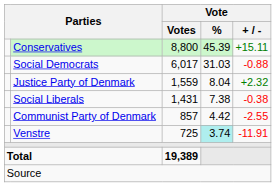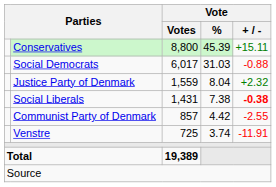 <table class="wikitable" style="text-align:right;">
 <tr>
 <th style="text-align:centre;" rowspan="2" colspan="2" width="225">Parties</th>
 <th colspan="3">Vote</th>
 </tr>
 <tr>
 <th width="15">Votes</th>
 <th width="15">%</th>
 <th width="15">+ / -</th>
 </tr>
 <tr>
 <td width="2" style="color:inherit;background:"></td>
 <td bgcolor=#ccf7cc  align="left"><a href='#'>Conservatives</a></td>
 <td bgcolor=#ccf7cc>8,800</td>
 <td bgcolor=#ccf7cc>45.39</td>
 <td style=color:green;>+15.11</td>
 </tr>
 <tr>
 <td width="2" style="color:inherit;background:"></td>
 <td align="left"><a href='#'>Social Democrats</a></td>
 <td>6,017</td>
 <td>31.03</td>
 <td style=color:red;>-0.88</td>
 </tr>
 <tr>
 <td width="2" style="color:inherit;background:"></td>
 <td align="left"><a href='#'>Justice Party of Denmark</a></td>
 <td>1,559</td>
 <td>8.04</td>
 <td style=color:green;>+2.32</td>
 </tr>
 <tr>
 <td width="2" style="color:inherit;background:"></td>
 <td align="left"><a href='#'>Social Liberals</a></td>
 <td>1,431</td>
 <td>7.38</td>
-<td style=color:red;>-0.38</td>
+<td style=color:red;><strong>-0.38</strong></td>
 </tr>
 <tr>
 <td width="2" style="color:inherit;background:"></td>
 <td align="left"><a href='#'>Communist Party of Denmark</a></td>
 <td>857</td>
 <td>4.42</td>
 <td style=color:red;>-2.55</td>
 </tr>
 <tr>
 <td width="2" style="color:inherit;background:"></td>
 <td align="left"><a href='#'>Venstre</a></td>
 <td>725</td>
-<td style="background: paleturquoise;">3.74</td>
+<td>3.74</td>
 <td style=color:red;>-11.91</td>
 </tr>
 <tr>
 <td colspan="7" bgcolor="#E9E9E9"></td>
 </tr>
 <tr>
 <td align="left" colspan="2"><strong>Total</strong></td>
 <td><strong>19,389</strong></td>
 <td bgcolor="#E9E9E9" colspan="2"></td>
 </tr>
 <tr>
 <td align="left" colspan="6">Source</td>
 </tr>
 </table>
